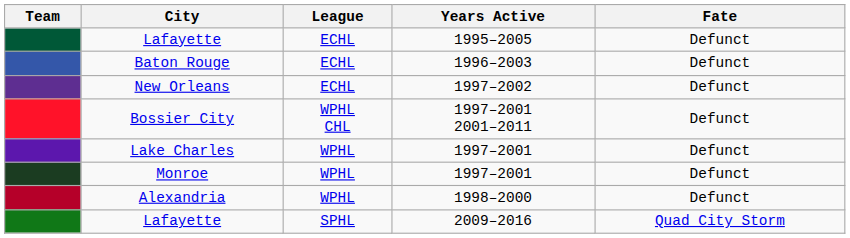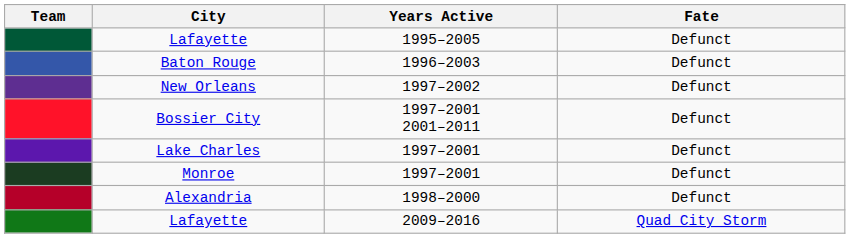 <table class="wikitable sortable" width="60%">
 <tr>
 <th>Team</th>
 <th>City</th>
-<th>League</th>
 <th>Years Active</th>
 <th>Fate</th>
 </tr>
 <tr align=center>
 <td style="color:white; background:#005837; "><strong><a href='#'></a></strong></td>
 <td><a href='#'>Lafayette</a></td>
-<td><a href='#'>ECHL</a></td>
 <td>1995–2005</td>
 <td>Defunct</td>
 </tr>
 <tr align=center>
 <td style="color:white; background:#3457a9; "><strong><a href='#'></a></strong></td>
 <td><a href='#'>Baton Rouge</a></td>
-<td><a href='#'>ECHL</a></td>
 <td>1996–2003</td>
 <td>Defunct</td>
 </tr>
 <tr align=center>
 <td style="color:white; background:#5e2e91; "><strong><a href='#'></a></strong></td>
 <td><a href='#'>New Orleans</a></td>
-<td><a href='#'>ECHL</a></td>
 <td>1997–2002</td>
 <td>Defunct</td>
 </tr>
 <tr align=center>
 <td style="color:white; background:#ff1229; "><strong><a href='#'></a></strong></td>
 <td><a href='#'>Bossier City</a></td>
-<td><a href='#'>WPHL</a><br><a href='#'>CHL</a></td>
 <td>1997–2001<br>2001–2011</td>
 <td>Defunct</td>
 </tr>
 <tr align=center>
 <td style="color:white; background:#5c17ad; "><strong><a href='#'></a></strong></td>
 <td><a href='#'>Lake Charles</a></td>
-<td><a href='#'>WPHL</a></td>
 <td>1997–2001</td>
 <td>Defunct</td>
 </tr>
 <tr align=center>
 <td style="color:white; background:#1b3c21; "><strong><a href='#'></a></strong></td>
 <td><a href='#'>Monroe</a></td>
-<td><a href='#'>WPHL</a></td>
 <td>1997–2001</td>
 <td>Defunct</td>
 </tr>
 <tr align=center>
 <td style="color:white; background:#b50029; "><strong><a href='#'></a></strong></td>
 <td><a href='#'>Alexandria</a></td>
-<td><a href='#'>WPHL</a></td>
 <td>1998–2000</td>
 <td>Defunct</td>
 </tr>
 <tr align=center>
 <td style="color:white; background:#107817; "><strong><a href='#'></a></strong></td>
 <td><a href='#'>Lafayette</a></td>
-<td><a href='#'>SPHL</a></td>
 <td>2009–2016</td>
 <td><a href='#'>Quad City Storm</a></td>
 </tr>
 </table>
